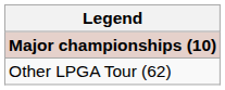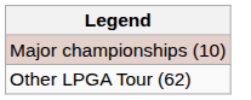 <table class="wikitable" style="font-size:95%;">
 <tr>
 <th>Legend</th>
 </tr>
 <tr style="background:#e5d1cb;">
-<td><strong>Major championships (10)</strong></td>
+<td>Major championships (10)</td>
 </tr>
 <tr>
 <td>Other LPGA Tour (62)</td>
 </tr>
 </table>
